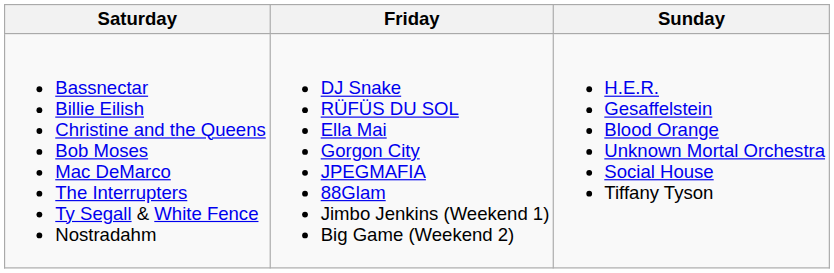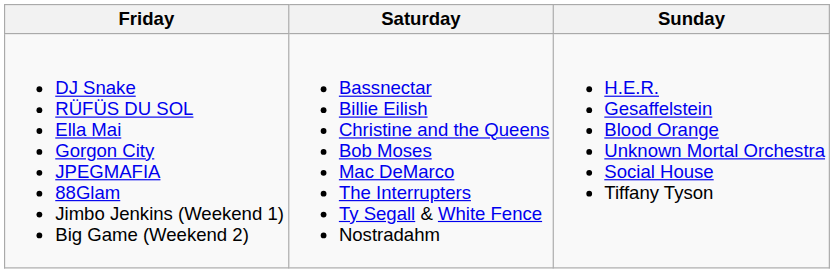 <table class="wikitable">
 <tr>
+<th>Friday</th>
 <th>Saturday</th>
-<th>Friday</th>
 <th>Sunday</th>
 </tr>
 <tr valign="top">
+<td><br><ul><li><a href='#'>DJ Snake</a></li><li><a href='#'>RÜFÜS DU SOL</a></li><li><a href='#'>Ella Mai</a></li><li><a href='#'>Gorgon City</a></li><li><a href='#'>JPEGMAFIA</a></li><li><a href='#'>88Glam</a></li><li>Jimbo Jenkins (Weekend 1)</li><li>Big Game (Weekend 2)</li></ul></td>
 <td><br><ul><li><a href='#'>Bassnectar</a></li><li><a href='#'>Billie Eilish</a></li><li><a href='#'>Christine and the Queens</a></li><li><a href='#'>Bob Moses</a></li><li><a href='#'>Mac DeMarco</a></li><li><a href='#'>The Interrupters</a></li><li><a href='#'>Ty Segall</a> & <a href='#'>White Fence</a></li><li>Nostradahm</li></ul></td>
-<td><br><ul><li><a href='#'>DJ Snake</a></li><li><a href='#'>RÜFÜS DU SOL</a></li><li><a href='#'>Ella Mai</a></li><li><a href='#'>Gorgon City</a></li><li><a href='#'>JPEGMAFIA</a></li><li><a href='#'>88Glam</a></li><li>Jimbo Jenkins (Weekend 1)</li><li>Big Game (Weekend 2)</li></ul></td>
 <td><br><ul><li><a href='#'>H.E.R.</a></li><li><a href='#'>Gesaffelstein</a></li><li><a href='#'>Blood Orange</a></li><li><a href='#'>Unknown Mortal Orchestra</a></li><li><a href='#'>Social House</a></li><li>Tiffany Tyson</li></ul></td>
 </tr>
 </table>
